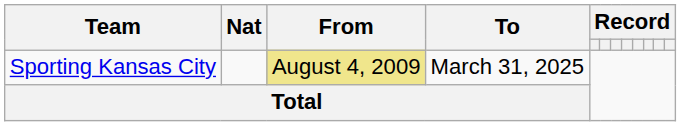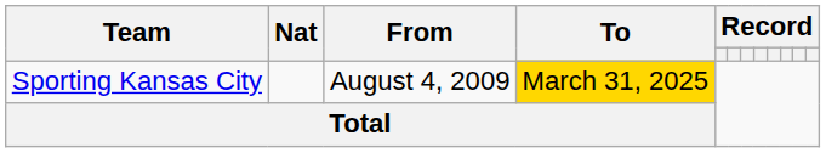 <table class="wikitable" style="text-align: center">
 <tr>
 <th rowspan="2">Team</th>
 <th rowspan="2">Nat</th>
 <th rowspan="2">From</th>
 <th rowspan="2">To</th>
 <th colspan="8">Record</th>
 </tr>
 <tr>
 <th></th>
 <th></th>
 <th></th>
 <th></th>
 <th></th>
 <th></th>
 <th></th>
 <th></th>
 </tr>
 <tr>
 <td align=left><a href='#'>Sporting Kansas City</a></td>
 <td></td>
-<td align=left style="background: khaki;">August 4, 2009</td>
-<td align=left>March 31, 2025<br></td>
+<td align=left>August 4, 2009</td>
+<td align=left style="background: gold;">March 31, 2025<br></td>
 </tr>
 <tr>
 <th colspan="4">Total<br></th>
 </tr>
 </table>
